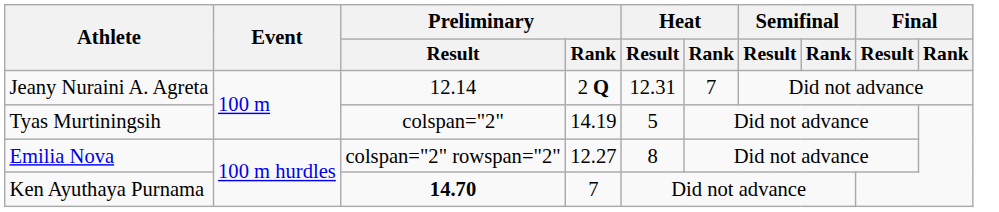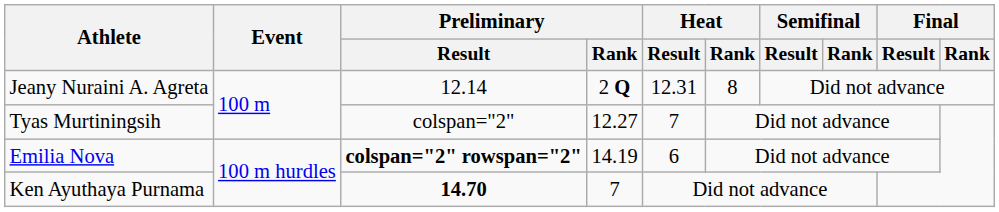 <table class="wikitable" style="font-size:90%; text-align:center;">
 <tr>
 <th rowspan="2">Athlete</th>
 <th rowspan="2">Event</th>
 <th colspan="2">Preliminary</th>
 <th colspan="2">Heat</th>
 <th colspan="2">Semifinal</th>
 <th colspan="2">Final</th>
 </tr>
 <tr style="font-size:95%">
 <th>Result</th>
 <th>Rank</th>
 <th>Result</th>
 <th>Rank</th>
 <th>Result</th>
 <th>Rank</th>
 <th>Result</th>
 <th>Rank</th>
 </tr>
 <tr>
 <td align="left">Jeany Nuraini A. Agreta</td>
 <td align="left" rowspan="2"><a href='#'>100 m</a></td>
 <td>12.14</td>
 <td>2 <strong>Q</strong></td>
 <td>12.31</td>
-<td>7</td>
+<td>8</td>
 <td colspan="4">Did not advance</td>
 </tr>
 <tr>
 <td align="left">Tyas Murtiningsih</td>
 <td>colspan="2" </td>
-<td>14.19</td>
-<td>5</td>
+<td>12.27</td>
+<td>7</td>
 <td colspan="4">Did not advance</td>
 </tr>
 <tr>
 <td align="left"><a href='#'>Emilia Nova</a></td>
 <td align="left" rowspan="2"><a href='#'>100 m hurdles</a></td>
-<td>colspan="2" rowspan="2" </td>
-<td>12.27</td>
-<td>8</td>
+<td><strong>colspan="2" rowspan="2" </strong></td>
+<td>14.19</td>
+<td>6</td>
 <td colspan="4">Did not advance</td>
 </tr>
 <tr>
 <td align="left">Ken Ayuthaya Purnama</td>
 <td><strong>14.70</strong></td>
 <td>7</td>
 <td colspan="4">Did not advance</td>
 </tr>
 </table>
